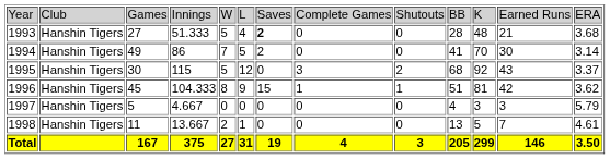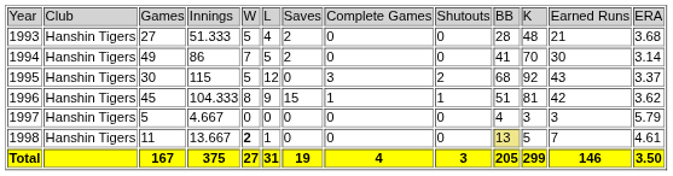 <table border=1>
 <tr style="background:LIGHTGREY">
 <td>Year</td>
 <td>Club</td>
 <td>Games</td>
 <td>Innings</td>
 <td>W</td>
 <td>L</td>
 <td>Saves</td>
 <td>Complete Games</td>
 <td>Shutouts</td>
 <td>BB</td>
 <td>K</td>
 <td>Earned Runs</td>
 <td>ERA</td>
 </tr>
 <tr>
 <td>1993</td>
 <td>Hanshin Tigers</td>
 <td>27</td>
 <td>51.333</td>
 <td>5</td>
 <td>4</td>
-<td><strong>2</strong></td>
+<td>2</td>
 <td>0</td>
 <td>0</td>
 <td>28</td>
 <td>48</td>
 <td>21</td>
 <td>3.68</td>
 </tr>
 <tr>
 <td>1994</td>
 <td>Hanshin Tigers</td>
 <td>49</td>
 <td>86</td>
 <td>7</td>
 <td>5</td>
 <td>2</td>
 <td>0</td>
 <td>0</td>
 <td>41</td>
 <td>70</td>
 <td>30</td>
 <td>3.14</td>
 </tr>
 <tr>
 <td>1995</td>
 <td>Hanshin Tigers</td>
 <td>30</td>
 <td>115</td>
 <td>5</td>
 <td>12</td>
 <td>0</td>
 <td>3</td>
 <td>2</td>
 <td>68</td>
 <td>92</td>
 <td>43</td>
 <td>3.37</td>
 </tr>
 <tr>
 <td>1996</td>
 <td>Hanshin Tigers</td>
 <td>45</td>
 <td>104.333</td>
 <td>8</td>
 <td>9</td>
 <td>15</td>
 <td>1</td>
 <td>1</td>
 <td>51</td>
 <td>81</td>
 <td>42</td>
 <td>3.62</td>
 </tr>
 <tr>
 <td>1997</td>
 <td>Hanshin Tigers</td>
 <td>5</td>
 <td>4.667</td>
 <td>0</td>
 <td>0</td>
 <td>0</td>
 <td>0</td>
 <td>0</td>
 <td>4</td>
 <td>3</td>
 <td>3</td>
 <td>5.79</td>
 </tr>
 <tr>
 <td>1998</td>
 <td>Hanshin Tigers</td>
 <td>11</td>
 <td>13.667</td>
-<td>2</td>
+<td><strong>2</strong></td>
 <td>1</td>
 <td>0</td>
 <td>0</td>
 <td>0</td>
-<td>13</td>
+<td style="background: khaki;">13</td>
 <td>5</td>
 <td>7</td>
 <td>4.61</td>
 </tr>
 <tr span style="background-color:yellow">
 <th>Total</th>
 <th></th>
 <th>167</th>
 <th>375</th>
 <th>27</th>
 <th>31</th>
 <th>19</th>
 <th>4</th>
 <th>3</th>
 <th>205</th>
 <th>299</th>
 <th>146</th>
 <th>3.50</th>
 </tr>
 </table>
